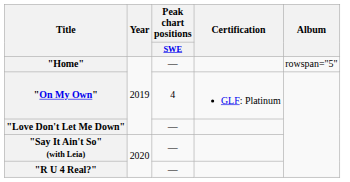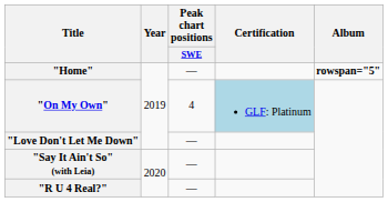 <table class="wikitable plainrowheaders" style="text-align:center;">
 <tr>
 <th scope="col" rowspan="2">Title</th>
 <th scope="col" rowspan="2">Year</th>
 <th scope="col" colspan="1">Peak chart positions</th>
 <th scope="col" rowspan="2">Certification</th>
 <th scope="col" rowspan="2">Album</th>
 </tr>
 <tr>
 <th scope="col" style="width:3em;font-size:85%;"><a href='#'>SWE</a><br></th>
 </tr>
 <tr>
 <th scope="row">"Home"</th>
 <td rowspan=3>2019</td>
 <td>—</td>
 <td></td>
-<td>rowspan="5" </td>
+<td><strong>rowspan="5" </strong></td>
 </tr>
 <tr>
 <th scope="row">"<a href='#'>On My Own</a>"</th>
 <td>4</td>
-<td><br><ul><li><a href='#'>GLF</a>: Platinum</li></ul></td>
+<td style="background: lightblue;"><br><ul><li><a href='#'>GLF</a>: Platinum</li></ul></td>
 </tr>
 <tr>
 <th scope="row">"Love Don't Let Me Down"</th>
 <td>—</td>
 <td></td>
 </tr>
 <tr>
 <th scope="row">"Say It Ain't So"<br><small>(with Leia)</small></th>
 <td rowspan=2>2020</td>
 <td>—</td>
 <td></td>
 </tr>
 <tr>
 <th scope="row">"R U 4 Real?"</th>
 <td>—</td>
 <td></td>
 </tr>
 </table>
